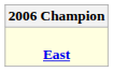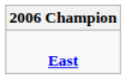 <table class=wikitable style="text-align:center; margin:auto">
 <tr>
 <th>2006 Champion</th>
 </tr>
 <tr>
-<td style="background: lightyellow;"><br><strong><a href='#'>East</a></strong><br></td>
+<td><br><strong><a href='#'>East</a></strong><br></td>
 </tr>
 </table>
